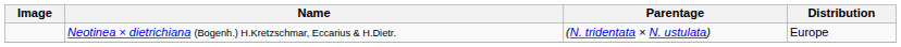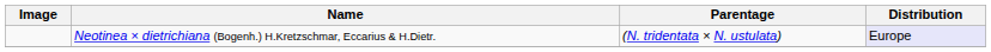 <table class="wikitable" style="text-align: left; width: 75%;">
 <tr>
 <th>Image</th>
 <th>Name</th>
 <th>Parentage</th>
 <th>Distribution</th>
 </tr>
 <tr>
 <td></td>
 <td><em><a href='#'>Neotinea × dietrichiana</a></em> <small>(Bogenh.) H.Kretzschmar, Eccarius & H.Dietr.</small></td>
 <td><em>(<a href='#'>N. tridentata</a> × <a href='#'>N. ustulata</a>)</em></td>
-<td>Europe</td>
+<td style="background: lavender;">Europe</td>
 </tr>
 <tr>
 </tr>
 </table>
